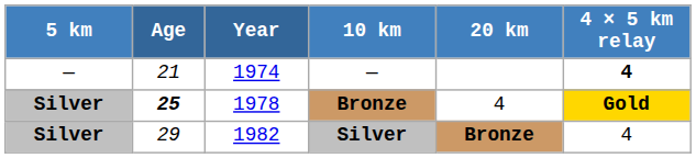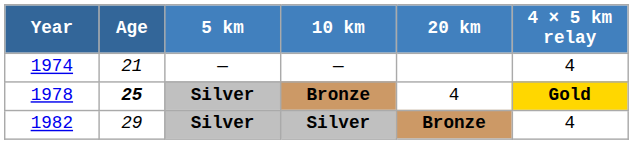 <table class="wikitable" style="font-size:95%; text-align:center; border:grey solid 1px; border-collapse:collapse; background:#ffffff;">
 <tr>
+<th style="background-color:#369; color:white; width:60px;"> Year </th>
+<th style="background-color:#369; color:white; width:40px;"> Age </th>
 <th style="background-color:#4180be; color:white; width:75px;"> 5 km </th>
-<th style="background-color:#369; color:white; width:40px;"> Age </th>
-<th style="background-color:#369; color:white; width:60px;"> Year </th>
 <th style="background-color:#4180be; color:white; width:75px;"> 10 km </th>
 <th style="background-color:#4180be; color:white; width:75px;"> 20 km </th>
 <th style="background-color:#4180be; color:white; width:75px;"> 4 × 5 km <br> relay </th>
 </tr>
 <tr>
+<td><a href='#'>1974</a></td>
+<td><em>21</em></td>
 <td>—</td>
-<td><em>21</em></td>
-<td><a href='#'>1974</a></td>
 <td>—</td>
 <td></td>
-<td><strong>4</strong></td>
+<td>4</td>
 </tr>
 <tr>
+<td><a href='#'>1978</a></td>
+<td><strong><em>25</em></strong></td>
 <td style="background:silver;"><strong>Silver</strong></td>
-<td><strong><em>25</em></strong></td>
-<td><a href='#'>1978</a></td>
 <td bgcolor="cc9966"><strong>Bronze</strong></td>
 <td>4</td>
 <td style="background:gold;"><strong>Gold</strong></td>
 </tr>
 <tr>
+<td><a href='#'>1982</a></td>
+<td><em>29</em></td>
 <td style="background:silver;"><strong>Silver</strong></td>
-<td><em>29</em></td>
-<td><a href='#'>1982</a></td>
 <td style="background:silver;"><strong>Silver</strong></td>
 <td bgcolor="cc9966"><strong>Bronze</strong></td>
 <td>4</td>
 </tr>
 </table>
